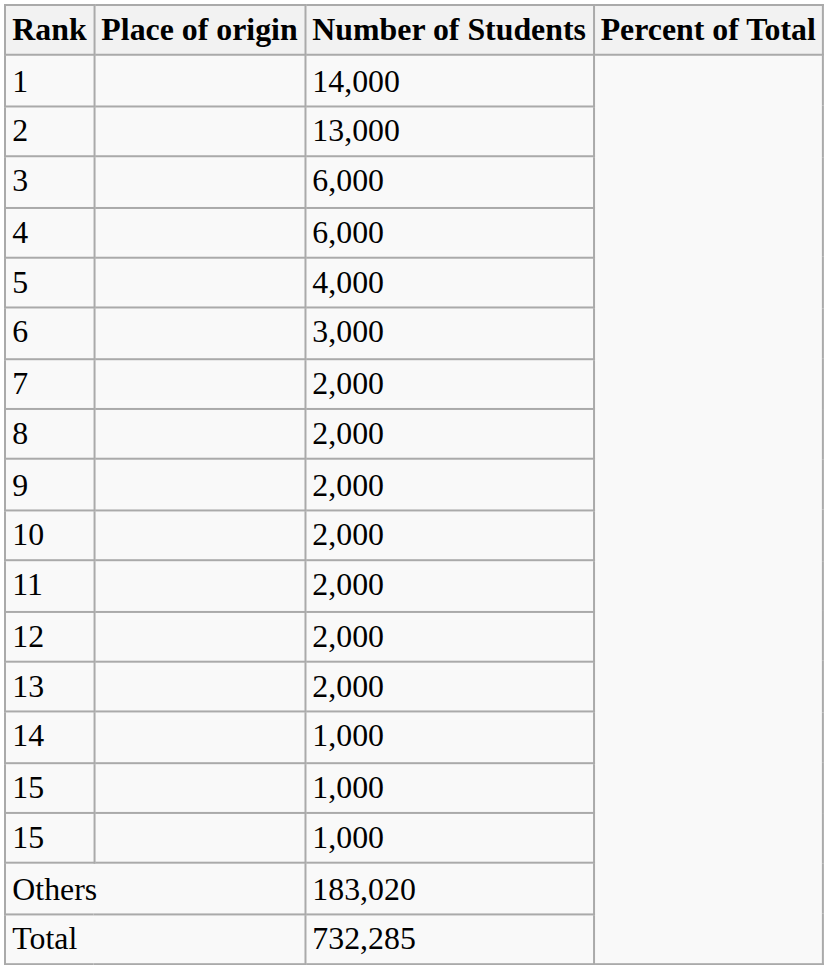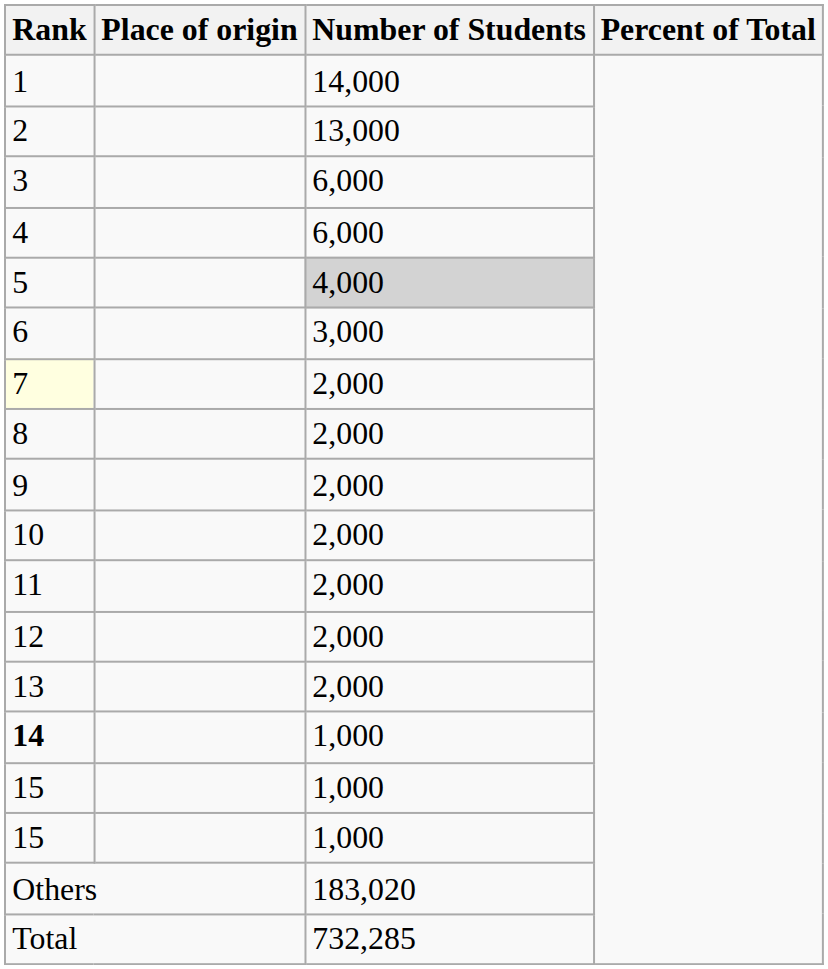 <table class="wikitable sortable">
 <tr>
 <th>Rank</th>
 <th>Place of origin</th>
 <th>Number of Students</th>
 <th>Percent of Total</th>
 </tr>
 <tr>
 <td>1</td>
 <td></td>
 <td>14,000</td>
 </tr>
 <tr>
 <td>2</td>
 <td></td>
 <td>13,000</td>
 </tr>
 <tr>
 <td>3</td>
 <td></td>
 <td>6,000</td>
 </tr>
 <tr>
 <td>4</td>
 <td></td>
 <td>6,000</td>
 </tr>
 <tr>
 <td>5</td>
 <td></td>
-<td>4,000</td>
+<td style="background: lightgrey;">4,000</td>
 </tr>
 <tr>
 <td>6</td>
 <td></td>
 <td>3,000</td>
 </tr>
 <tr>
-<td>7</td>
+<td style="background: lightyellow;">7</td>
 <td></td>
 <td>2,000</td>
 </tr>
 <tr>
 <td>8</td>
 <td></td>
 <td>2,000</td>
 </tr>
 <tr>
 <td>9</td>
 <td></td>
 <td>2,000</td>
 </tr>
 <tr>
 <td>10</td>
 <td></td>
 <td>2,000</td>
 </tr>
 <tr>
 <td>11</td>
 <td></td>
 <td>2,000</td>
 </tr>
 <tr>
 <td>12</td>
 <td></td>
 <td>2,000</td>
 </tr>
 <tr>
 <td>13</td>
 <td></td>
 <td>2,000</td>
 </tr>
 <tr>
-<td>14</td>
+<td><strong>14</strong></td>
 <td></td>
 <td>1,000</td>
 </tr>
 <tr>
 <td>15</td>
 <td></td>
 <td>1,000</td>
 </tr>
 <tr>
 <td>15</td>
 <td></td>
 <td>1,000</td>
 </tr>
 <tr>
 <td colspan="2">Others</td>
 <td>183,020</td>
 </tr>
 <tr>
 <td colspan="2">Total</td>
 <td>732,285</td>
 </tr>
 </table>
